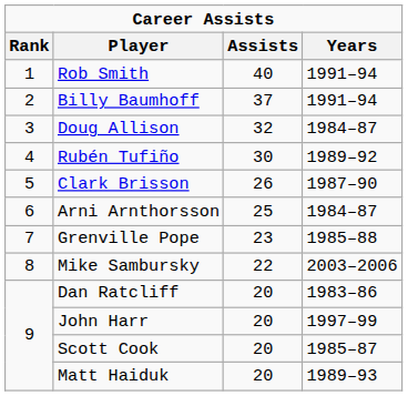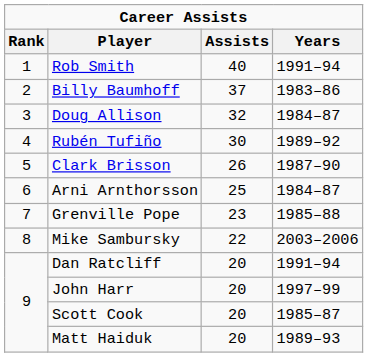 <table class="wikitable">
 <tr>
 <td colspan="4" style="text-align:center;"><strong>Career Assists</strong></td>
 </tr>
 <tr>
 <th>Rank</th>
 <th>Player</th>
 <th>Assists</th>
 <th>Years</th>
 </tr>
 <tr>
 <td align=center>1</td>
 <td><a href='#'>Rob Smith</a></td>
 <td align=center>40</td>
 <td>1991–94</td>
 </tr>
 <tr>
 <td align=center>2</td>
 <td><a href='#'>Billy Baumhoff</a></td>
 <td align=center>37</td>
-<td>1991–94</td>
+<td>1983–86</td>
 </tr>
 <tr>
 <td align=center>3</td>
 <td><a href='#'>Doug Allison</a></td>
 <td align=center>32</td>
 <td>1984–87</td>
 </tr>
 <tr>
 <td align=center>4</td>
 <td><a href='#'>Rubén Tufiño</a></td>
 <td align=center>30</td>
 <td>1989–92</td>
 </tr>
 <tr>
 <td align=center>5</td>
 <td><a href='#'>Clark Brisson</a></td>
 <td align=center>26</td>
 <td>1987–90</td>
 </tr>
 <tr>
 <td align=center>6</td>
 <td>Arni Arnthorsson</td>
 <td align=center>25</td>
 <td>1984–87</td>
 </tr>
 <tr>
 <td align=center>7</td>
 <td>Grenville Pope</td>
 <td align=center>23</td>
 <td>1985–88</td>
 </tr>
 <tr>
 <td align=center>8</td>
 <td>Mike Sambursky</td>
 <td align=center>22</td>
 <td>2003–2006</td>
 </tr>
 <tr>
 <td rowspan="4" style="text-align:center;">9</td>
 <td>Dan Ratcliff</td>
 <td align=center>20</td>
-<td>1983–86</td>
+<td>1991–94</td>
 </tr>
 <tr>
 <td>John Harr</td>
 <td align=center>20</td>
 <td>1997–99</td>
 </tr>
 <tr>
 <td>Scott Cook</td>
 <td align=center>20</td>
 <td>1985–87</td>
 </tr>
 <tr>
 <td>Matt Haiduk</td>
 <td align=center>20</td>
 <td>1989–93</td>
 </tr>
 </table>
